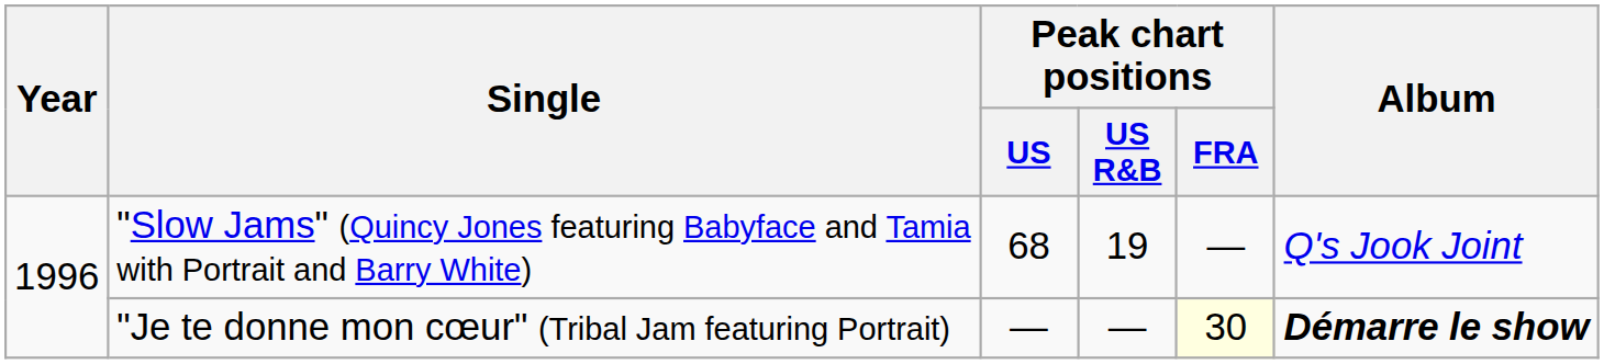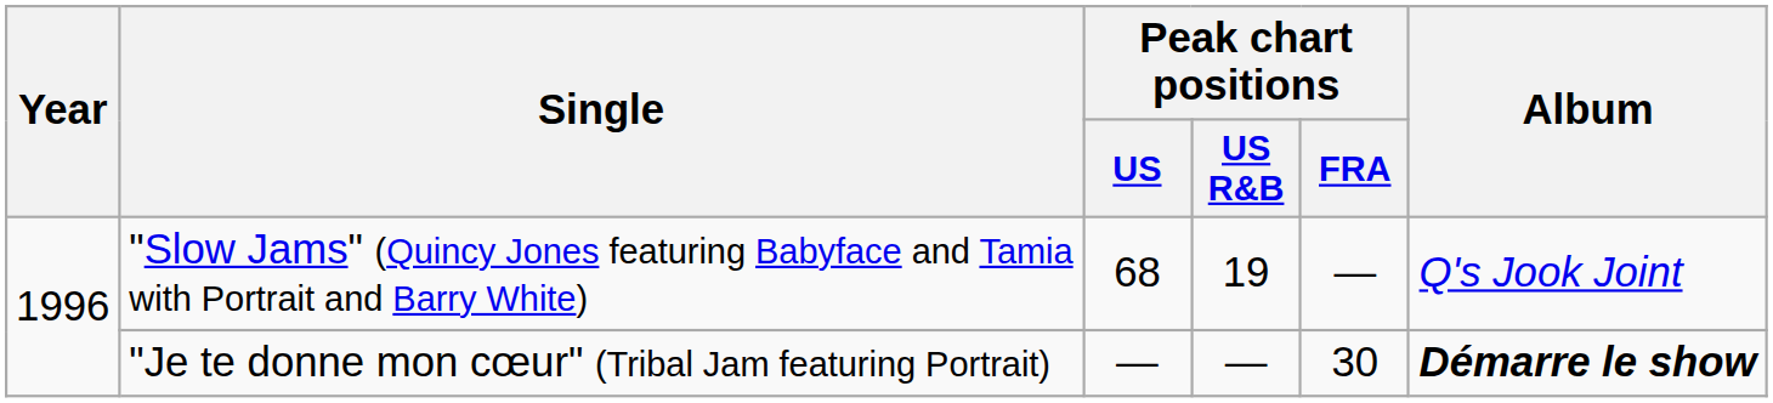 <table class="wikitable" style="text-align:center;">
 <tr>
 <th rowspan="2">Year</th>
 <th rowspan="2">Single</th>
 <th colspan="3">Peak chart positions</th>
 <th rowspan="2">Album</th>
 </tr>
 <tr style="font-size:smaller;">
 <th width="35"><a href='#'>US</a><br></th>
 <th width="35"><a href='#'>US<br>R&B</a><br></th>
 <th width="35"><a href='#'>FRA</a><br></th>
 </tr>
 <tr>
 <td rowspan="2">1996</td>
 <td align="left">"<a href='#'>Slow Jams</a>" <small>(<a href='#'>Quincy Jones</a> featuring <a href='#'>Babyface</a> and <a href='#'>Tamia</a><br>with Portrait and <a href='#'>Barry White</a>)</small></td>
 <td>68</td>
 <td>19</td>
 <td>—</td>
 <td align="left"><em><a href='#'>Q's Jook Joint</a></em></td>
 </tr>
 <tr>
 <td align="left">"Je te donne mon cœur" <small>(Tribal Jam featuring Portrait)</small></td>
 <td>—</td>
 <td>—</td>
-<td style="background: lightyellow;">30</td>
+<td>30</td>
 <td align="left"><strong><em>Démarre le show</em></strong></td>
 </tr>
 </table>
